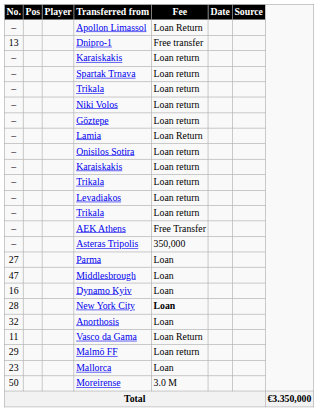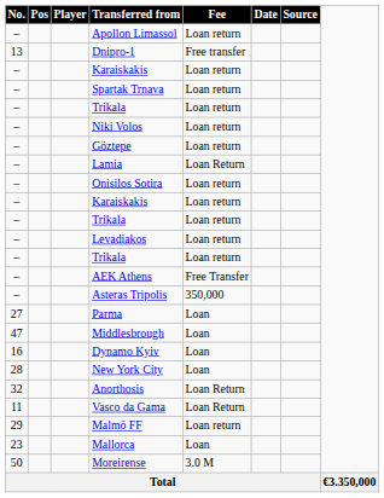 <table class="wikitable plainrowheaders sortable">
 <tr>
 <th style="background:black; color:#FFFFFF; ">No.</th>
 <th style="background:black; color:#FFFFFF; ">Pos</th>
 <th style="background:black; color:#FFFFFF; ">Player</th>
 <th style="background:black; color:#FFFFFF; ">Transferred from</th>
 <th style="background:black; color:#FFFFFF; ">Fee</th>
 <th style="background:black; color:#FFFFFF; ">Date</th>
 <th style="background:black; color:#FFFFFF; ">Source</th>
 </tr>
 <tr>
 <td align=center>–</td>
 <td align=center></td>
 <td></td>
 <td> <a href='#'>Apollon Limassol</a></td>
-<td>Loan Return</td>
+<td>Loan return</td>
 <td></td>
 <td></td>
 </tr>
 <tr>
 <td align=center>13</td>
 <td align=center></td>
 <td></td>
 <td> <a href='#'>Dnipro-1</a></td>
 <td>Free transfer</td>
 <td></td>
 <td></td>
 </tr>
 <tr>
 <td align=center>–</td>
 <td align=center></td>
 <td></td>
 <td> <a href='#'>Karaiskakis</a></td>
 <td>Loan return</td>
 <td></td>
 <td></td>
 </tr>
 <tr>
 <td align=center>–</td>
 <td align=center></td>
 <td></td>
 <td> <a href='#'>Spartak Trnava</a></td>
 <td>Loan return</td>
 <td></td>
 <td></td>
 </tr>
 <tr>
 <td align=center>–</td>
 <td align=center></td>
 <td></td>
 <td> <a href='#'>Trikala</a></td>
 <td>Loan return</td>
 <td></td>
 <td></td>
 </tr>
 <tr>
 <td align=center>–</td>
 <td align=center></td>
 <td></td>
 <td> <a href='#'>Niki Volos</a></td>
 <td>Loan return</td>
 <td></td>
 <td></td>
 </tr>
 <tr>
 <td align=center>–</td>
 <td align=center></td>
 <td></td>
 <td> <a href='#'>Göztepe</a></td>
 <td>Loan return</td>
 <td></td>
 <td></td>
 </tr>
 <tr>
 <td align=center>–</td>
 <td align=center></td>
 <td></td>
 <td> <a href='#'>Lamia</a></td>
 <td>Loan Return</td>
 <td></td>
 <td></td>
 </tr>
 <tr>
 <td align=center>–</td>
 <td align=center></td>
 <td></td>
 <td> <a href='#'>Onisilos Sotira</a></td>
 <td>Loan return</td>
 <td></td>
 <td></td>
 </tr>
 <tr>
 <td align=center>–</td>
 <td align=center></td>
 <td></td>
 <td> <a href='#'>Karaiskakis</a></td>
 <td>Loan return</td>
 <td></td>
 <td></td>
 </tr>
 <tr>
 <td align=center>–</td>
 <td align=center></td>
 <td></td>
 <td> <a href='#'>Trikala</a></td>
 <td>Loan return</td>
 <td></td>
 <td></td>
 </tr>
 <tr>
 <td align=center>–</td>
 <td align=center></td>
 <td></td>
 <td> <a href='#'>Levadiakos</a></td>
 <td>Loan return</td>
 <td></td>
 <td></td>
 </tr>
 <tr>
 <td align=center>–</td>
 <td align=center></td>
 <td></td>
 <td> <a href='#'>Trikala</a></td>
 <td>Loan return</td>
 <td></td>
 <td></td>
 </tr>
 <tr>
 <td align=center>–</td>
 <td align=center></td>
 <td></td>
 <td> <a href='#'>AEK Athens</a></td>
 <td>Free Transfer</td>
 <td></td>
 <td></td>
 </tr>
 <tr>
 <td align=center>–</td>
 <td align=center></td>
 <td></td>
 <td> <a href='#'>Asteras Tripolis</a></td>
 <td>350,000</td>
 <td></td>
 <td></td>
 </tr>
 <tr>
 <td align=center>27</td>
 <td align=center></td>
 <td></td>
 <td> <a href='#'>Parma</a></td>
 <td>Loan</td>
 <td></td>
 <td></td>
 </tr>
 <tr>
 <td align=center>47</td>
 <td align=center></td>
 <td></td>
 <td> <a href='#'>Middlesbrough</a></td>
 <td>Loan</td>
 <td></td>
 <td></td>
 </tr>
 <tr>
 <td align=center>16</td>
 <td align=center></td>
 <td></td>
 <td> <a href='#'>Dynamo Kyiv</a></td>
 <td>Loan</td>
 <td></td>
 <td></td>
 </tr>
 <tr>
 <td align=center>28</td>
 <td align=center></td>
 <td></td>
 <td> <a href='#'>New York City</a></td>
-<td><strong>Loan</strong></td>
+<td>Loan</td>
 <td></td>
 <td></td>
 </tr>
 <tr>
 <td align=center>32</td>
 <td align=center></td>
 <td></td>
 <td> <a href='#'>Anorthosis</a></td>
-<td>Loan</td>
+<td>Loan Return</td>
 <td></td>
 <td></td>
 </tr>
 <tr>
 <td align=center>11</td>
 <td align=center></td>
 <td></td>
 <td> <a href='#'>Vasco da Gama</a></td>
 <td>Loan Return</td>
 <td></td>
 <td></td>
 </tr>
 <tr>
 <td align=center>29</td>
 <td align=center></td>
 <td></td>
 <td> <a href='#'>Malmö FF</a></td>
 <td>Loan return</td>
 <td></td>
 <td></td>
 </tr>
 <tr>
 <td align=center>23</td>
 <td align=center></td>
 <td></td>
 <td> <a href='#'>Mallorca</a></td>
 <td>Loan</td>
 <td></td>
 <td></td>
 </tr>
 <tr>
 <td align=center>50</td>
 <td align=center></td>
 <td></td>
 <td> <a href='#'>Moreirense</a></td>
 <td>3.0 M</td>
 <td></td>
 <td></td>
 </tr>
 <tr>
 <th colspan="7">Total</th>
 <th colspan="2">€3.350,000</th>
 </tr>
 </table>
